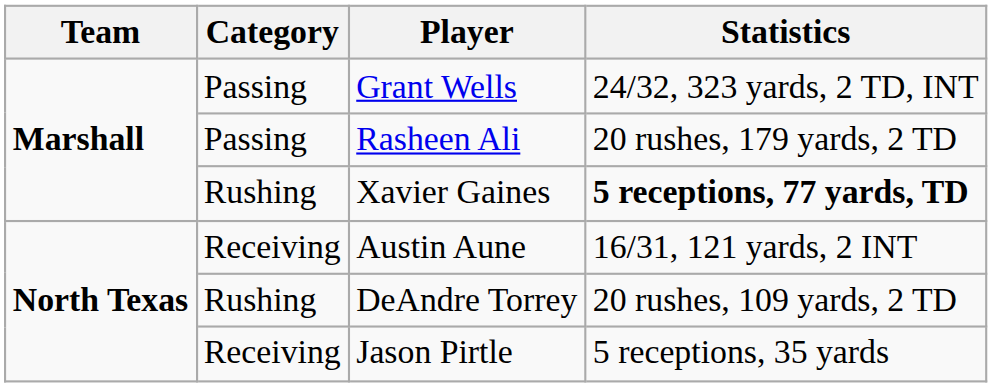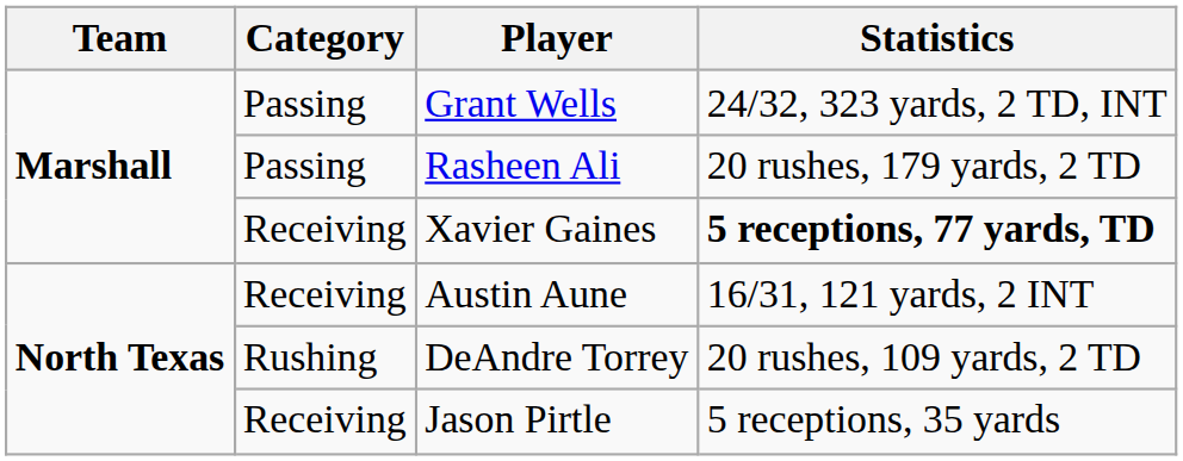 <table class="wikitable" style="float: left;">
 <tr>
 <th>Team</th>
 <th>Category</th>
 <th>Player</th>
 <th>Statistics</th>
 </tr>
 <tr>
 <td rowspan=3><strong>Marshall</strong></td>
 <td>Passing</td>
 <td><a href='#'>Grant Wells</a></td>
 <td>24/32, 323 yards, 2 TD, INT</td>
 </tr>
 <tr>
 <td>Passing</td>
 <td><a href='#'>Rasheen Ali</a></td>
 <td>20 rushes, 179 yards, 2 TD</td>
 </tr>
 <tr>
-<td>Rushing</td>
+<td>Receiving</td>
 <td>Xavier Gaines</td>
 <td><strong>5 receptions, 77 yards, TD</strong></td>
 </tr>
 <tr>
 <td rowspan=3><strong>North Texas</strong></td>
 <td>Receiving</td>
 <td>Austin Aune</td>
 <td>16/31, 121 yards, 2 INT</td>
 </tr>
 <tr>
 <td>Rushing</td>
 <td>DeAndre Torrey</td>
 <td>20 rushes, 109 yards, 2 TD</td>
 </tr>
 <tr>
 <td>Receiving</td>
 <td>Jason Pirtle</td>
 <td>5 receptions, 35 yards</td>
 </tr>
 </table>
